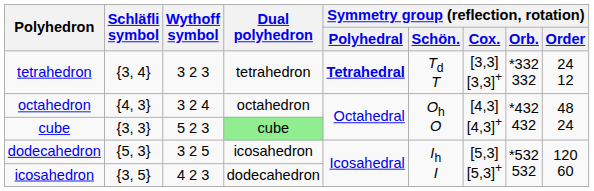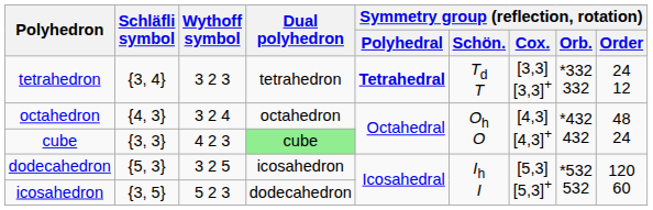 <table class="wikitable" style="text-align:center">
 <tr>
 <th rowspan=2>Polyhedron</th>
 <th rowspan=2><a href='#'>Schläfli<br>symbol</a></th>
 <th rowspan=2><a href='#'>Wythoff<br>symbol</a></th>
 <th rowspan=2><a href='#'>Dual<br>polyhedron</a></th>
 <th colspan=5><a href='#'>Symmetry group</a> (reflection, rotation)</th>
 </tr>
 <tr>
 <th><a href='#'>Polyhedral</a></th>
 <th><a href='#'>Schön.</a></th>
 <th><a href='#'>Cox.</a></th>
 <th><a href='#'>Orb.</a></th>
 <th><a href='#'>Order</a></th>
 </tr>
 <tr>
 <td><a href='#'>tetrahedron</a></td>
 <td>{3, 4}</td>
 <td>3  2 3</td>
 <td>tetrahedron</td>
 <td style="text-align:right;"><strong><a href='#'>Tetrahedral</a> </strong></td>
 <td><em>T</em><sub>d</sub><br><em>T</em></td>
 <td>[3,3]<br>[3,3]<sup>+</sup></td>
 <td>*332<br>332</td>
 <td>24<br>12</td>
 </tr>
 <tr>
 <td><a href='#'>octahedron</a></td>
 <td>{4, 3}</td>
 <td>3  2 4</td>
 <td>octahedron</td>
 <td rowspan=2 style="text-align:right;"><a href='#'>Octahedral</a> </td>
 <td rowspan=2><em>O</em><sub>h</sub><br><em>O</em></td>
 <td rowspan=2>[4,3]<br>[4,3]<sup>+</sup></td>
 <td rowspan=2>*432<br>432</td>
 <td rowspan=2>48<br>24</td>
 </tr>
 <tr>
 <td><a href='#'>cube</a></td>
 <td>{3, 3}</td>
-<td>5  2 3</td>
+<td>4  2 3</td>
 <td style="background: lightgreen;">cube</td>
 </tr>
 <tr>
 <td><a href='#'>dodecahedron</a></td>
 <td>{5, 3}</td>
 <td>3  2 5</td>
 <td>icosahedron</td>
 <td rowspan=2 style="text-align:right;"><a href='#'>Icosahedral</a> </td>
 <td rowspan=2><em>I</em><sub>h</sub><br><em>I</em></td>
 <td rowspan=2>[5,3]<br>[5,3]<sup>+</sup></td>
 <td rowspan=2>*532<br>532</td>
 <td rowspan=2>120<br>60</td>
 </tr>
 <tr>
 <td><a href='#'>icosahedron</a></td>
 <td>{3, 5}</td>
-<td>4  2 3</td>
+<td>5  2 3</td>
 <td>dodecahedron</td>
 </tr>
 </table>
